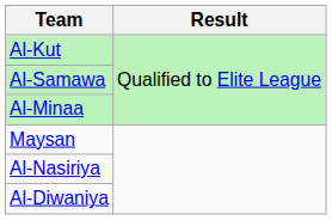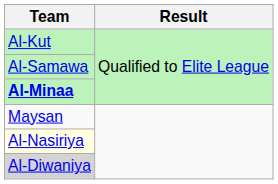 <table class="wikitable" style="text-align: center;">
 <tr>
 <th>Team</th>
 <th>Result</th>
 </tr>
 <tr>
 <td style="background:#BBF3BB; text-align: left"><a href='#'>Al-Kut</a></td>
 <td style="background:#BBF3BB;" rowspan=3>Qualified to <a href='#'>Elite League</a></td>
 </tr>
 <tr>
 <td style="background:#BBF3BB; text-align: left"><a href='#'>Al-Samawa</a></td>
 </tr>
 <tr>
-<td style="background:#BBF3BB; text-align: left"><a href='#'>Al-Minaa</a></td>
+<td style="background:#BBF3BB; text-align: left"><strong><a href='#'>Al-Minaa</a></strong></td>
 </tr>
 <tr>
 <td style="text-align: left"><a href='#'>Maysan</a></td>
 </tr>
 <tr>
-<td style="text-align: left"><a href='#'>Al-Nasiriya</a></td>
+<td style="background: lightyellow; text-align: left"><a href='#'>Al-Nasiriya</a></td>
 </tr>
 <tr>
-<td style="text-align: left"><a href='#'>Al-Diwaniya</a></td>
+<td style="background: lightgrey; text-align: left"><a href='#'>Al-Diwaniya</a></td>
 </tr>
 </table>
